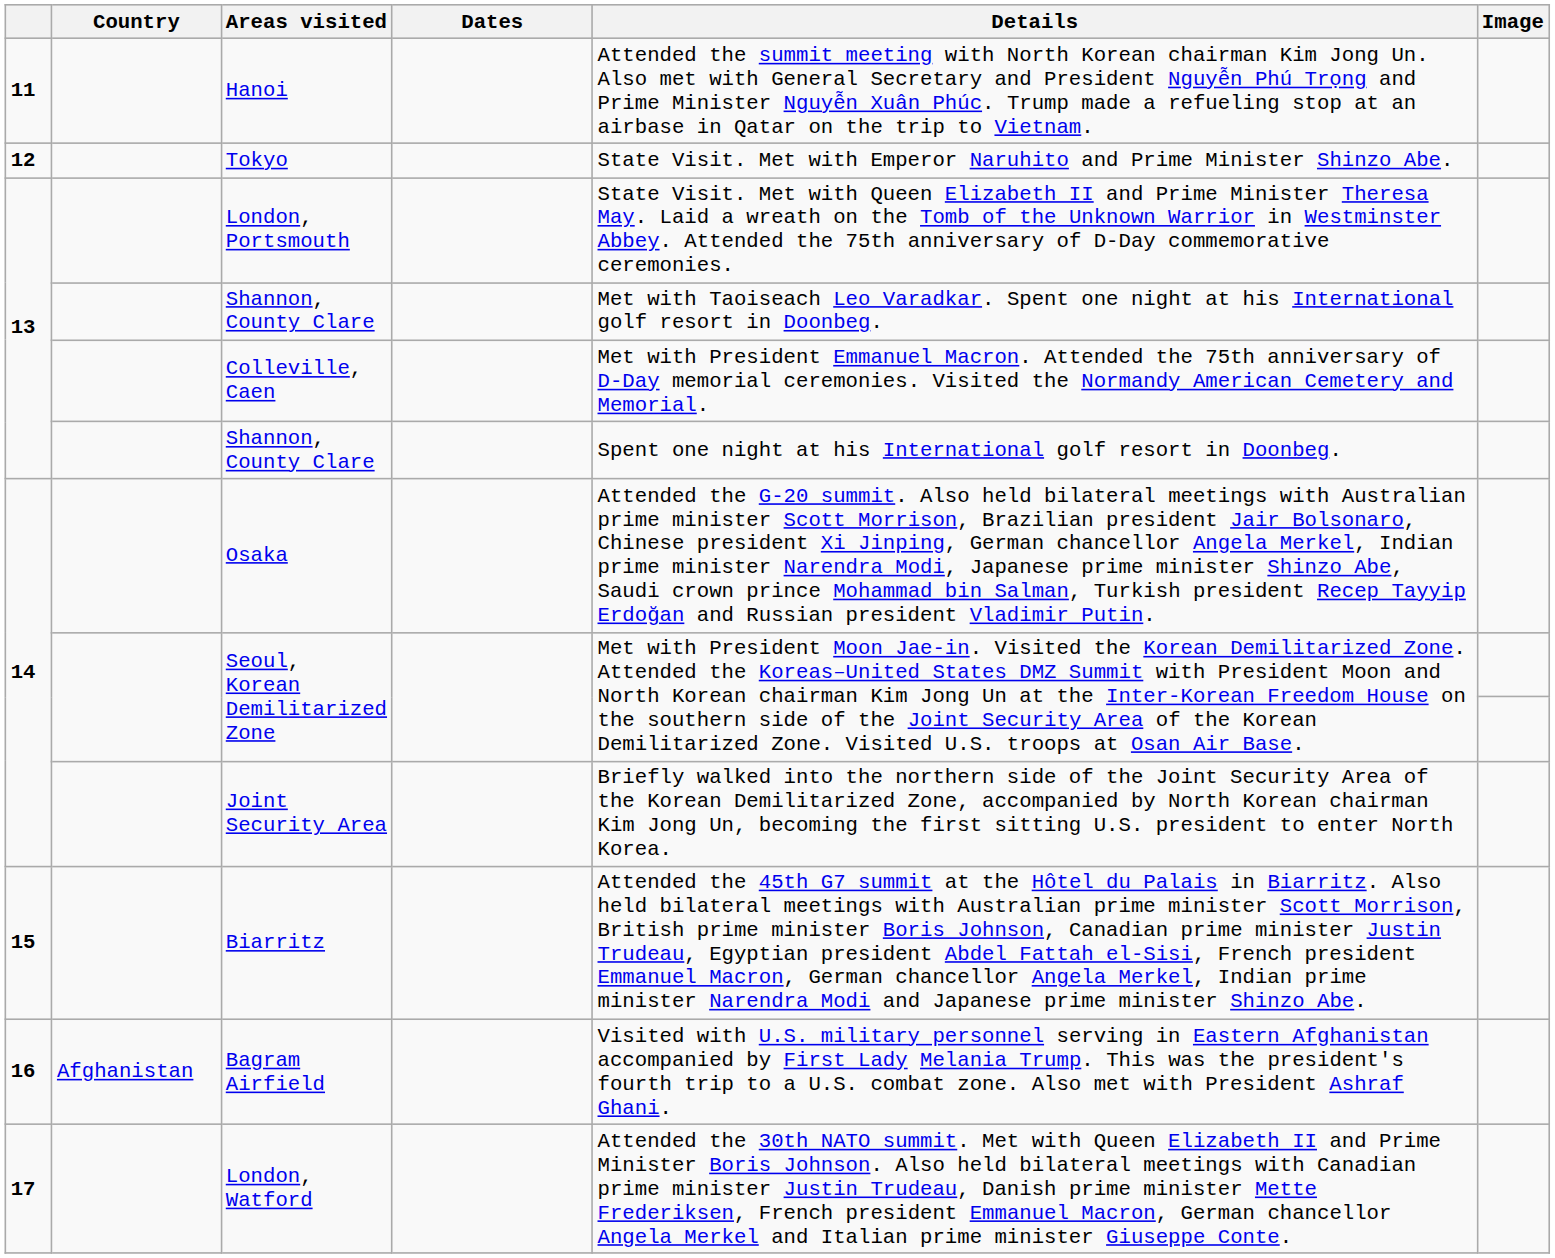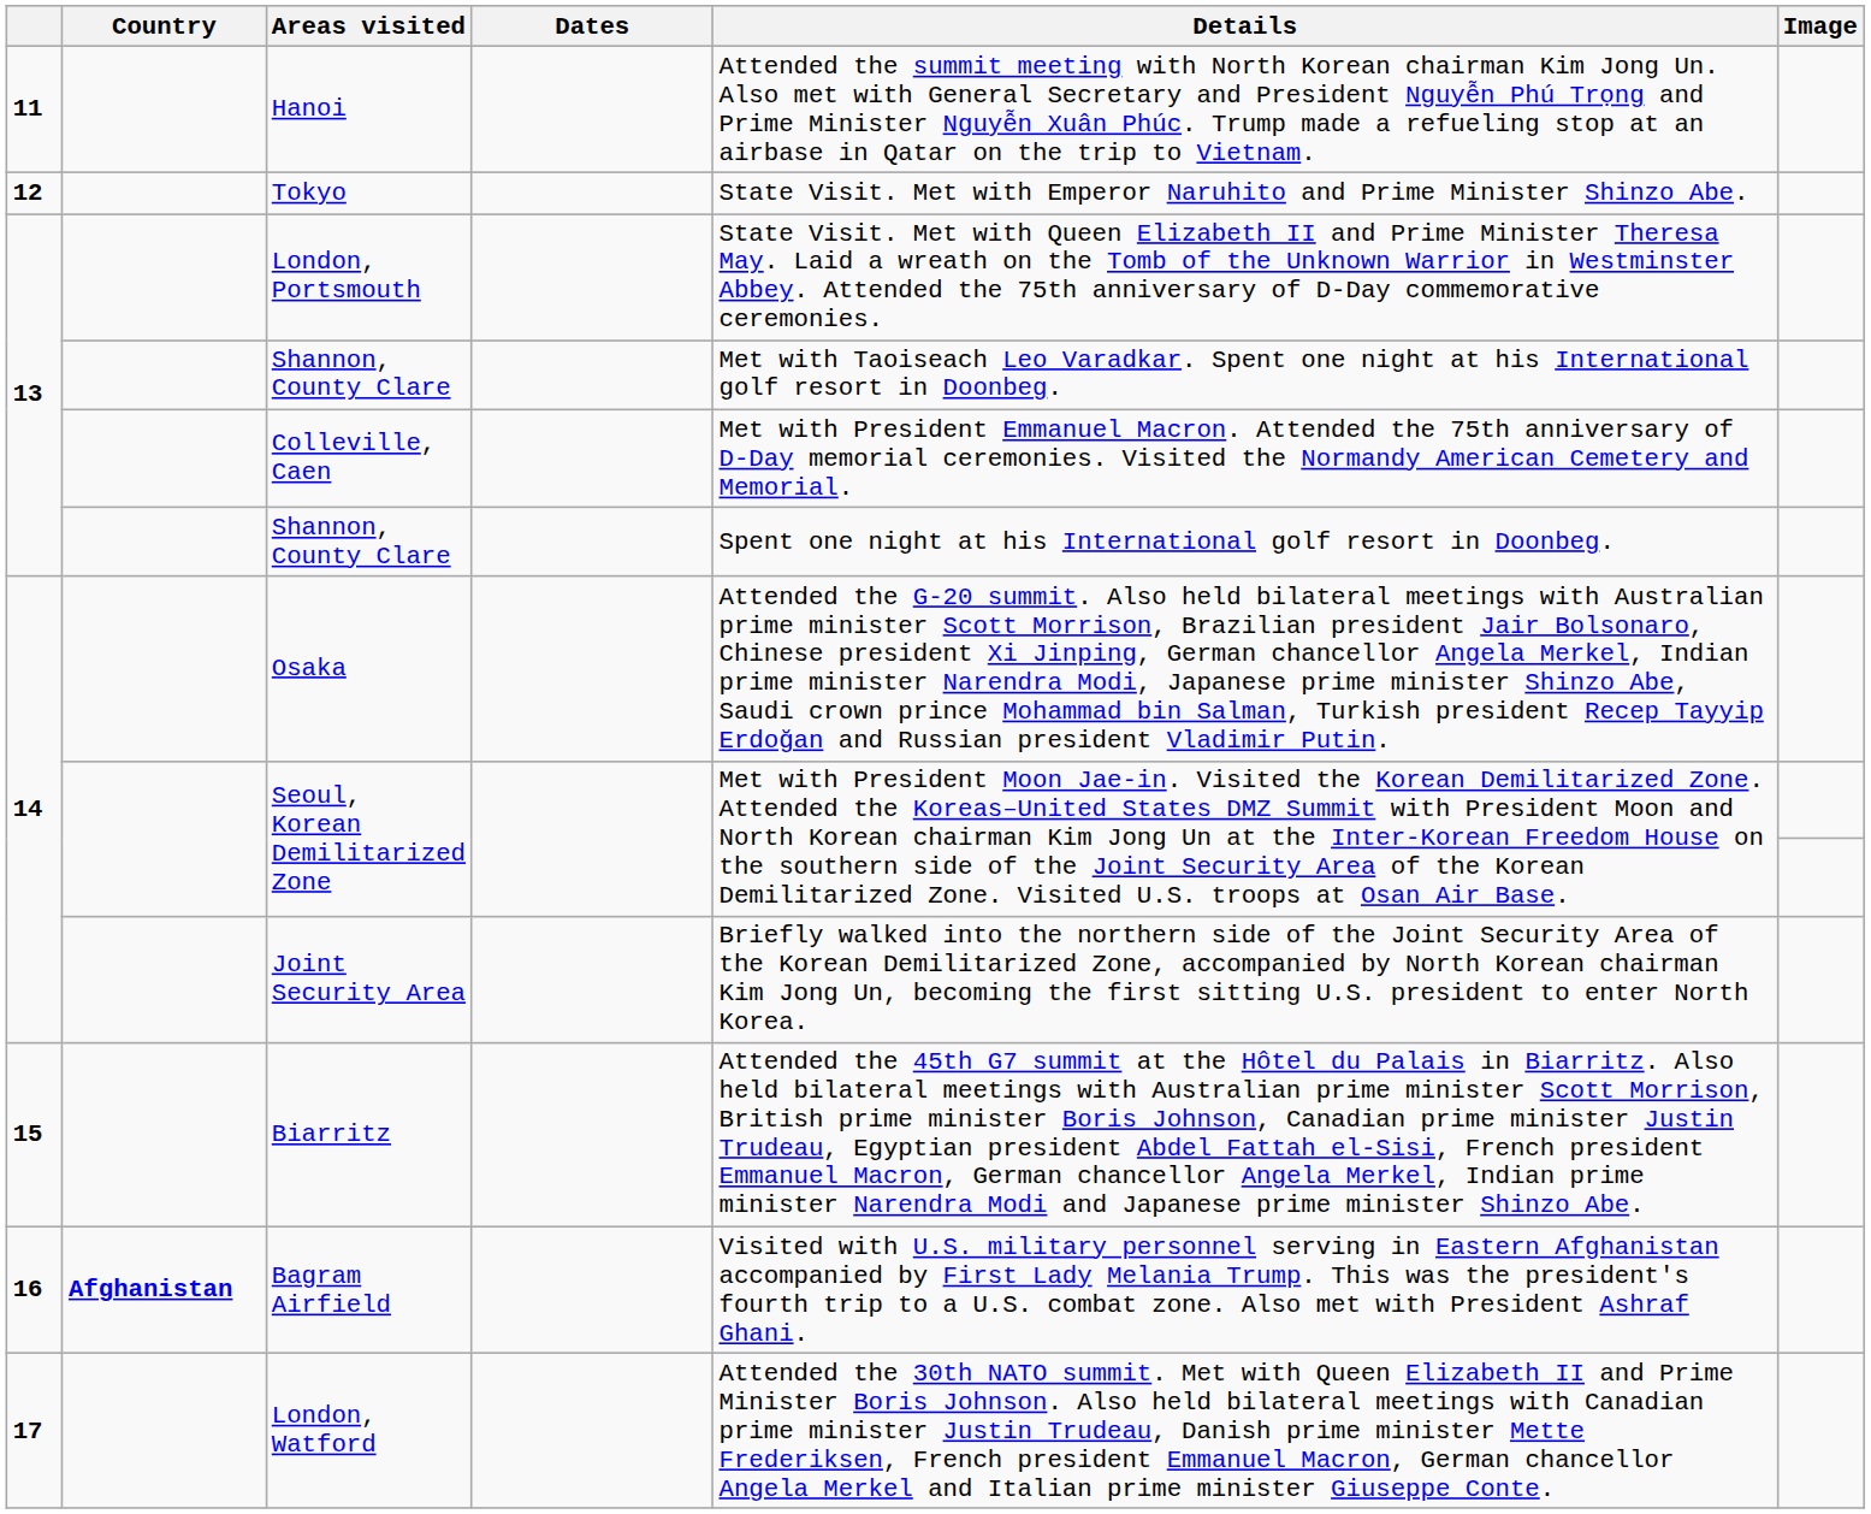 <table class="wikitable sortable" style="margin:1em auto 1em auto;">
 <tr>
 <th style="width: 3%;"></th>
 <th width=100>Country</th>
 <th width=70>Areas visited</th>
 <th width=120>Dates</th>
 <th width=550>Details</th>
 <th>Image</th>
 </tr>
 <tr>
 <td><strong>11</strong></td>
 <td></td>
 <td><a href='#'>Hanoi</a></td>
 <td></td>
 <td>Attended the <a href='#'>summit meeting</a> with North Korean chairman Kim Jong Un. Also met with General Secretary and President <a href='#'>Nguyễn Phú Trọng</a> and Prime Minister <a href='#'>Nguyễn Xuân Phúc</a>. Trump made a refueling stop at an airbase in Qatar on the trip to <a href='#'>Vietnam</a>.</td>
 <td></td>
 </tr>
 <tr>
 <td><strong>12</strong></td>
 <td></td>
 <td><a href='#'>Tokyo</a></td>
 <td></td>
 <td>State Visit. Met with Emperor <a href='#'>Naruhito</a> and Prime Minister <a href='#'>Shinzo Abe</a>.</td>
 <td></td>
 </tr>
 <tr>
 <td rowspan="4"><strong>13</strong></td>
 <td></td>
 <td><a href='#'>London</a>,<br><a href='#'>Portsmouth</a></td>
 <td></td>
 <td>State Visit. Met with Queen <a href='#'>Elizabeth II</a> and Prime Minister <a href='#'>Theresa May</a>. Laid a wreath on the <a href='#'>Tomb of the Unknown Warrior</a> in <a href='#'>Westminster Abbey</a>. Attended the 75th anniversary of D-Day commemorative ceremonies.</td>
 <td></td>
 </tr>
 <tr>
 <td></td>
 <td><a href='#'>Shannon</a>,<br><a href='#'>County Clare</a></td>
 <td></td>
 <td>Met with Taoiseach <a href='#'>Leo Varadkar</a>. Spent one night at his <a href='#'>International</a> golf resort in <a href='#'>Doonbeg</a>.</td>
 <td></td>
 </tr>
 <tr>
 <td></td>
 <td><a href='#'>Colleville</a>,<br><a href='#'>Caen</a></td>
 <td></td>
 <td>Met with President <a href='#'>Emmanuel Macron</a>. Attended the 75th anniversary of <a href='#'>D-Day</a> memorial ceremonies. Visited the <a href='#'>Normandy American Cemetery and Memorial</a>.</td>
 <td></td>
 </tr>
 <tr>
 <td></td>
 <td><a href='#'>Shannon</a>,<br><a href='#'>County Clare</a></td>
 <td></td>
 <td>Spent one night at his <a href='#'>International</a> golf resort in <a href='#'>Doonbeg</a>.</td>
 <td></td>
 </tr>
 <tr>
 <td rowspan="4"><strong>14</strong></td>
 <td></td>
 <td><a href='#'>Osaka</a></td>
 <td></td>
 <td>Attended the <a href='#'>G-20 summit</a>. Also held bilateral meetings with Australian prime minister <a href='#'>Scott Morrison</a>, Brazilian president <a href='#'>Jair Bolsonaro</a>, Chinese president <a href='#'>Xi Jinping</a>, German chancellor <a href='#'>Angela Merkel</a>, Indian prime minister <a href='#'>Narendra Modi</a>, Japanese prime minister <a href='#'>Shinzo Abe</a>, Saudi crown prince <a href='#'>Mohammad bin Salman</a>, Turkish president <a href='#'>Recep Tayyip Erdoğan</a> and Russian president <a href='#'>Vladimir Putin</a>.</td>
 <td></td>
 </tr>
 <tr>
 <td rowspan="2"></td>
 <td rowspan="2"><a href='#'>Seoul</a>,<br><a href='#'>Korean Demilitarized Zone</a></td>
 <td rowspan="2"></td>
 <td rowspan="2">Met with President <a href='#'>Moon Jae-in</a>. Visited the <a href='#'>Korean Demilitarized Zone</a>. Attended the <a href='#'>Koreas–United States DMZ Summit</a> with President Moon and North Korean chairman Kim Jong Un at the <a href='#'>Inter-Korean Freedom House</a> on the southern side of the <a href='#'>Joint Security Area</a> of the Korean Demilitarized Zone. Visited U.S. troops at <a href='#'>Osan Air Base</a>.</td>
 <td></td>
 </tr>
 <tr>
 <td></td>
 </tr>
 <tr>
 <td></td>
 <td><a href='#'>Joint Security Area</a></td>
 <td></td>
 <td>Briefly walked into the northern side of the Joint Security Area of the Korean Demilitarized Zone, accompanied by North Korean chairman Kim Jong Un, becoming the first sitting U.S. president to enter North Korea.</td>
 <td></td>
 </tr>
 <tr>
 <td><strong>15</strong></td>
 <td></td>
 <td><a href='#'>Biarritz</a></td>
 <td></td>
 <td>Attended the <a href='#'>45th G7 summit</a> at the <a href='#'>Hôtel du Palais</a> in <a href='#'>Biarritz</a>. Also held bilateral meetings with Australian prime minister <a href='#'>Scott Morrison</a>, British prime minister <a href='#'>Boris Johnson</a>, Canadian prime minister <a href='#'>Justin Trudeau</a>, Egyptian president <a href='#'>Abdel Fattah el-Sisi</a>, French president <a href='#'>Emmanuel Macron</a>, German chancellor <a href='#'>Angela Merkel</a>, Indian prime minister <a href='#'>Narendra Modi</a> and Japanese prime minister <a href='#'>Shinzo Abe</a>.</td>
 <td></td>
 </tr>
 <tr>
 <td><strong>16</strong></td>
-<td> <a href='#'>Afghanistan</a></td>
+<td><strong> <a href='#'>Afghanistan</a></strong></td>
 <td><a href='#'>Bagram Airfield</a></td>
 <td></td>
 <td>Visited with <a href='#'>U.S. military personnel</a> serving in <a href='#'>Eastern Afghanistan</a> accompanied by <a href='#'>First Lady</a> <a href='#'>Melania Trump</a>. This was the president's fourth trip to a U.S. combat zone. Also met with President <a href='#'>Ashraf Ghani</a>.</td>
 <td></td>
 </tr>
 <tr>
 <td><strong>17</strong></td>
 <td></td>
 <td><a href='#'>London</a>, <a href='#'>Watford</a></td>
 <td></td>
 <td>Attended the <a href='#'>30th NATO summit</a>. Met with Queen <a href='#'>Elizabeth II</a> and Prime Minister <a href='#'>Boris Johnson</a>. Also held bilateral meetings with Canadian prime minister <a href='#'>Justin Trudeau</a>, Danish prime minister <a href='#'>Mette Frederiksen</a>, French president <a href='#'>Emmanuel Macron</a>, German chancellor <a href='#'>Angela Merkel</a> and Italian prime minister <a href='#'>Giuseppe Conte</a>.</td>
 <td></td>
 </tr>
 </table>
